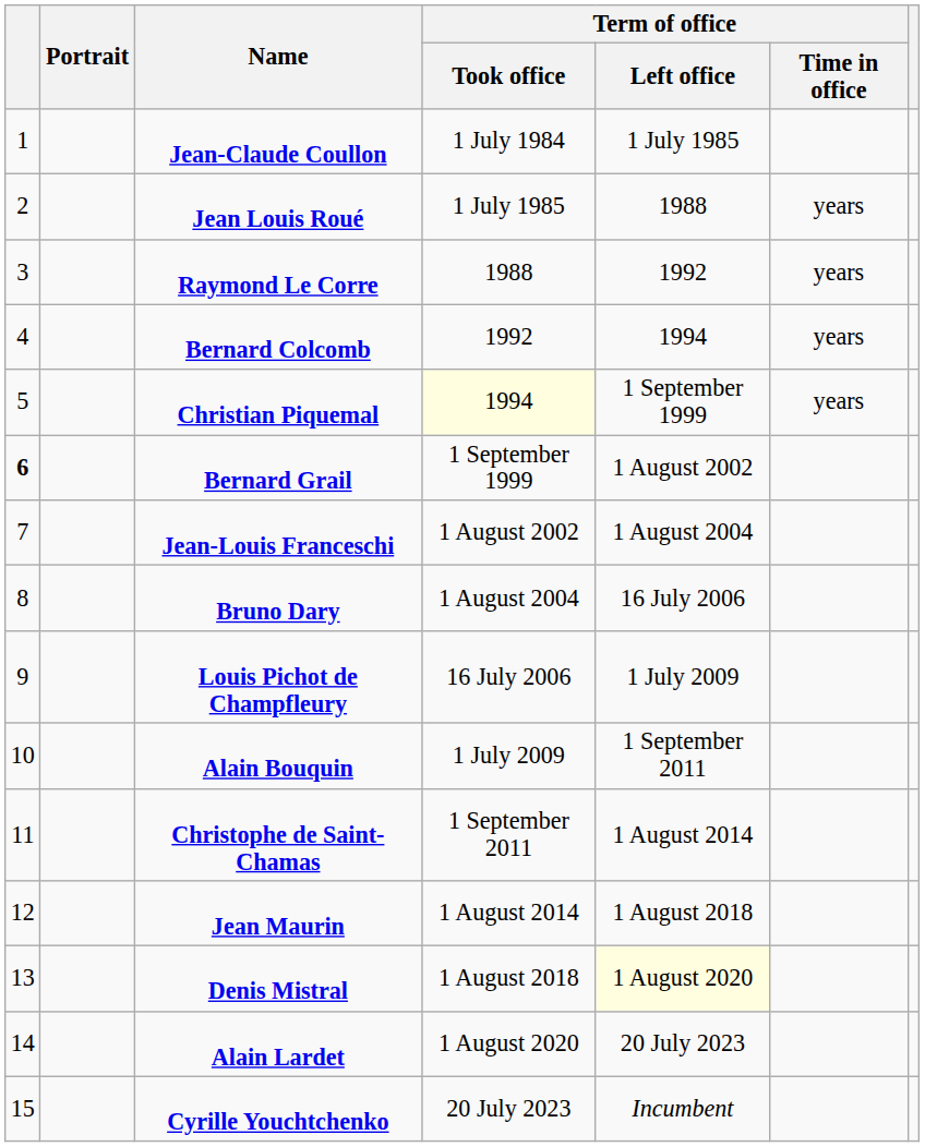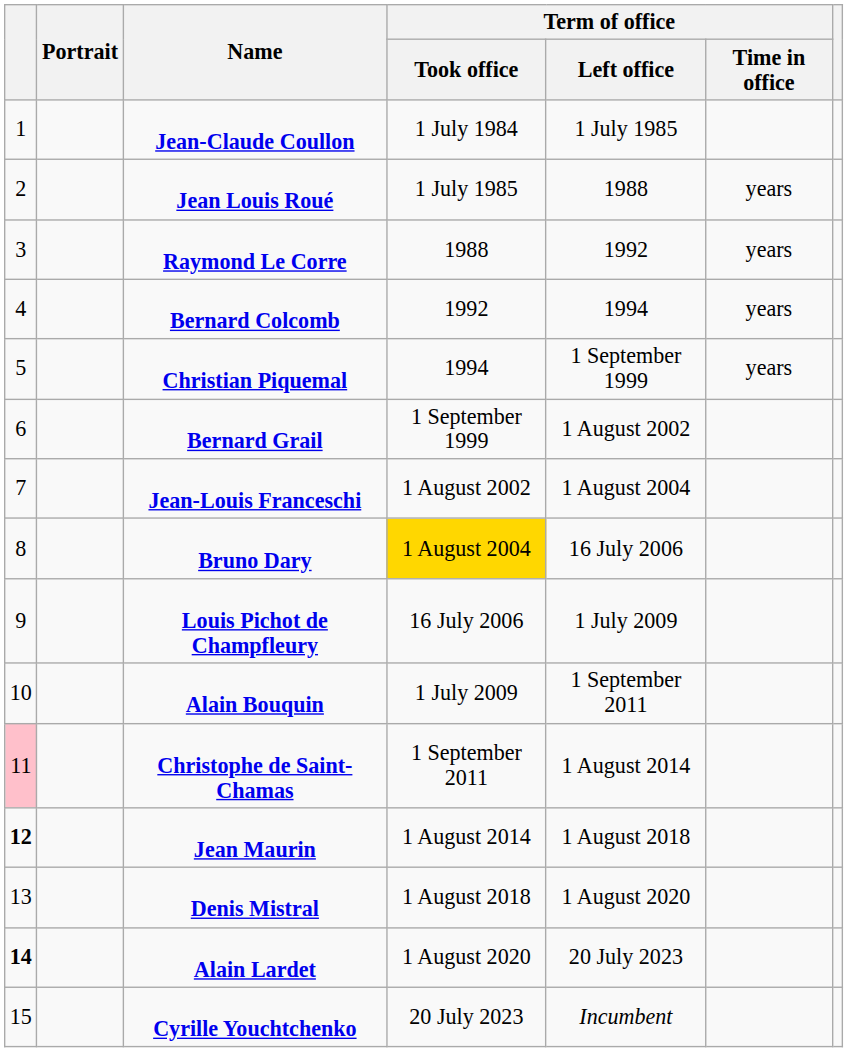 <table class="wikitable" style="text-align:center">
 <tr>
 <th rowspan=2></th>
 <th rowspan=2>Portrait</th>
 <th rowspan=2>Name<br></th>
 <th colspan=3>Term of office</th>
 <th rowspan=2></th>
 </tr>
 <tr>
 <th>Took office</th>
 <th>Left office</th>
 <th>Time in office</th>
 </tr>
 <tr>
 <td>1</td>
 <td></td>
 <td><br><strong><a href='#'>Jean-Claude Coullon</a></strong><br></td>
 <td>1 July 1984</td>
 <td>1 July 1985</td>
 <td></td>
 <td></td>
 </tr>
 <tr>
 <td>2</td>
 <td></td>
 <td><br><strong><a href='#'>Jean Louis Roué</a></strong><br></td>
 <td>1 July 1985</td>
 <td>1988</td>
 <td> years</td>
 <td></td>
 </tr>
 <tr>
 <td>3</td>
 <td></td>
 <td><br><strong><a href='#'>Raymond Le Corre</a></strong><br></td>
 <td>1988</td>
 <td>1992</td>
 <td> years</td>
 <td></td>
 </tr>
 <tr>
 <td>4</td>
 <td></td>
 <td><br><strong><a href='#'>Bernard Colcomb</a></strong><br></td>
 <td>1992</td>
 <td>1994</td>
 <td> years</td>
 <td></td>
 </tr>
 <tr>
 <td>5</td>
 <td></td>
 <td><br><strong><a href='#'>Christian Piquemal</a></strong><br></td>
-<td style="background: lightyellow;">1994</td>
+<td>1994</td>
 <td>1 September 1999</td>
 <td> years</td>
 <td></td>
 </tr>
 <tr>
-<td><strong>6</strong></td>
+<td>6</td>
 <td></td>
 <td><br><strong><a href='#'>Bernard Grail</a></strong><br></td>
 <td>1 September 1999</td>
 <td>1 August 2002</td>
 <td></td>
 <td></td>
 </tr>
 <tr>
 <td>7</td>
 <td></td>
 <td><br><strong><a href='#'>Jean-Louis Franceschi</a></strong><br></td>
 <td>1 August 2002</td>
 <td>1 August 2004</td>
 <td></td>
 <td></td>
 </tr>
 <tr>
 <td>8</td>
 <td></td>
 <td><br><strong><a href='#'>Bruno Dary</a></strong><br></td>
-<td>1 August 2004</td>
+<td style="background: gold;">1 August 2004</td>
 <td>16 July 2006</td>
 <td></td>
 <td></td>
 </tr>
 <tr>
 <td>9</td>
 <td></td>
 <td><br><strong><a href='#'>Louis Pichot de Champfleury</a></strong><br></td>
 <td>16 July 2006</td>
 <td>1 July 2009</td>
 <td></td>
 <td></td>
 </tr>
 <tr>
 <td>10</td>
 <td></td>
 <td><br><strong><a href='#'>Alain Bouquin</a></strong><br></td>
 <td>1 July 2009</td>
 <td>1 September 2011</td>
 <td></td>
 <td></td>
 </tr>
 <tr>
-<td>11</td>
+<td style="background: pink;">11</td>
 <td></td>
 <td><br><strong><a href='#'>Christophe de Saint-Chamas</a></strong><br></td>
 <td>1 September 2011</td>
 <td>1 August 2014</td>
 <td></td>
 <td></td>
 </tr>
 <tr>
-<td>12</td>
+<td><strong>12</strong></td>
 <td></td>
 <td><br><strong><a href='#'>Jean Maurin</a></strong><br></td>
 <td>1 August 2014</td>
 <td>1 August 2018</td>
 <td></td>
 <td></td>
 </tr>
 <tr>
 <td>13</td>
 <td></td>
 <td><br><strong><a href='#'>Denis Mistral</a></strong><br></td>
 <td>1 August 2018</td>
-<td style="background: lightyellow;">1 August 2020</td>
+<td>1 August 2020</td>
 <td></td>
 <td></td>
 </tr>
 <tr>
-<td>14</td>
+<td><strong>14</strong></td>
 <td></td>
 <td><br><strong><a href='#'>Alain Lardet</a></strong><br></td>
 <td>1 August 2020</td>
 <td>20 July 2023</td>
 <td></td>
 <td></td>
 </tr>
 <tr>
 <td>15</td>
 <td></td>
 <td><br><strong><a href='#'>Cyrille Youchtchenko</a></strong><br></td>
 <td>20 July 2023</td>
 <td><em>Incumbent</em></td>
 <td></td>
 <td></td>
 </tr>
 </table>
